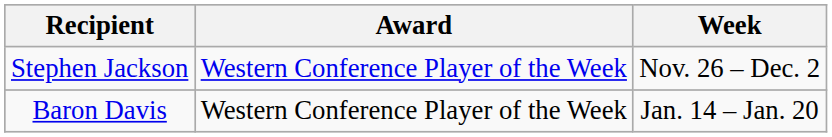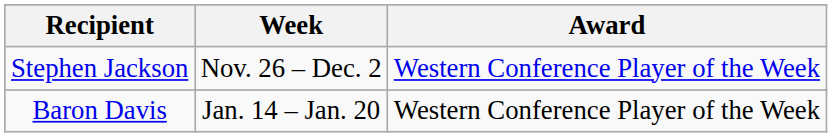 <table class="wikitable sortable sortable" style="text-align: center">
 <tr>
 <th>Recipient</th>
+<th>Week</th>
 <th>Award</th>
-<th>Week</th>
 </tr>
 <tr style="text-align: center">
 <td><a href='#'>Stephen Jackson</a></td>
+<td>Nov. 26 – Dec. 2</td>
 <td><a href='#'>Western Conference Player of the Week</a></td>
-<td>Nov. 26 – Dec. 2</td>
 </tr>
 <tr style="text-align: center">
 <td><a href='#'>Baron Davis</a></td>
+<td>Jan. 14 – Jan. 20</td>
 <td>Western Conference Player of the Week</td>
-<td>Jan. 14 – Jan. 20</td>
 </tr>
 </table>
